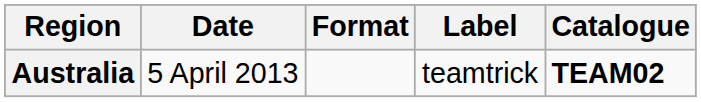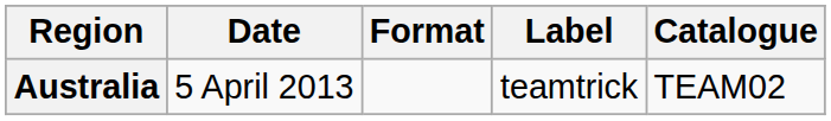 <table class="wikitable plainrowheaders">
 <tr>
 <th scope="col">Region</th>
 <th scope="col">Date</th>
 <th scope="col">Format</th>
 <th scope="col">Label</th>
 <th scope="col">Catalogue</th>
 </tr>
 <tr>
 <th scope="row" rowspan="2">Australia</th>
 <td>5 April 2013</td>
 <td></td>
 <td>teamtrick</td>
-<td><strong>TEAM02</strong></td>
+<td>TEAM02</td>
 </tr>
 </table>
